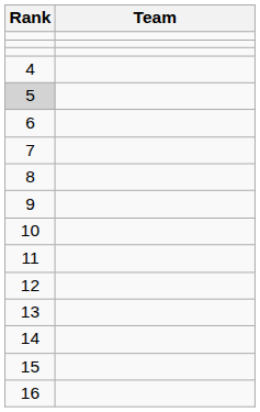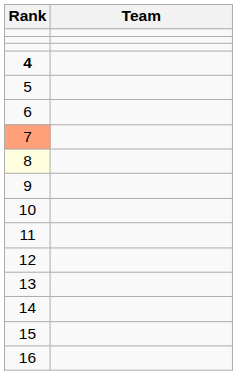 <table class="wikitable" style="text-align:center;">
 <tr>
 <th width=40>Rank</th>
 <th width=180>Team</th>
 </tr>
 <tr>
 <td></td>
 <td align=left></td>
 </tr>
 <tr>
 <td></td>
 <td align=left></td>
 </tr>
 <tr>
 <td></td>
 <td align=left></td>
 </tr>
 <tr>
-<td>4</td>
+<td><strong>4</strong></td>
 <td align=left></td>
 </tr>
 <tr>
-<td style="background: lightgrey;">5</td>
+<td>5</td>
 <td align=left></td>
 </tr>
 <tr>
 <td>6</td>
 <td align=left></td>
 </tr>
 <tr>
-<td>7</td>
+<td style="background: lightsalmon;">7</td>
 <td align=left></td>
 </tr>
 <tr>
-<td>8</td>
+<td style="background: lightyellow;">8</td>
 <td align=left></td>
 </tr>
 <tr>
 <td>9</td>
 <td align=left></td>
 </tr>
 <tr>
 <td>10</td>
 <td align=left></td>
 </tr>
 <tr>
 <td>11</td>
 <td align=left></td>
 </tr>
 <tr>
 <td>12</td>
 <td align=left></td>
 </tr>
 <tr>
 <td>13</td>
 <td align=left></td>
 </tr>
 <tr>
 <td>14</td>
 <td align=left></td>
 </tr>
 <tr>
 <td>15</td>
 <td align=left></td>
 </tr>
 <tr>
 <td>16</td>
 <td align=left></td>
 </tr>
 </table>
